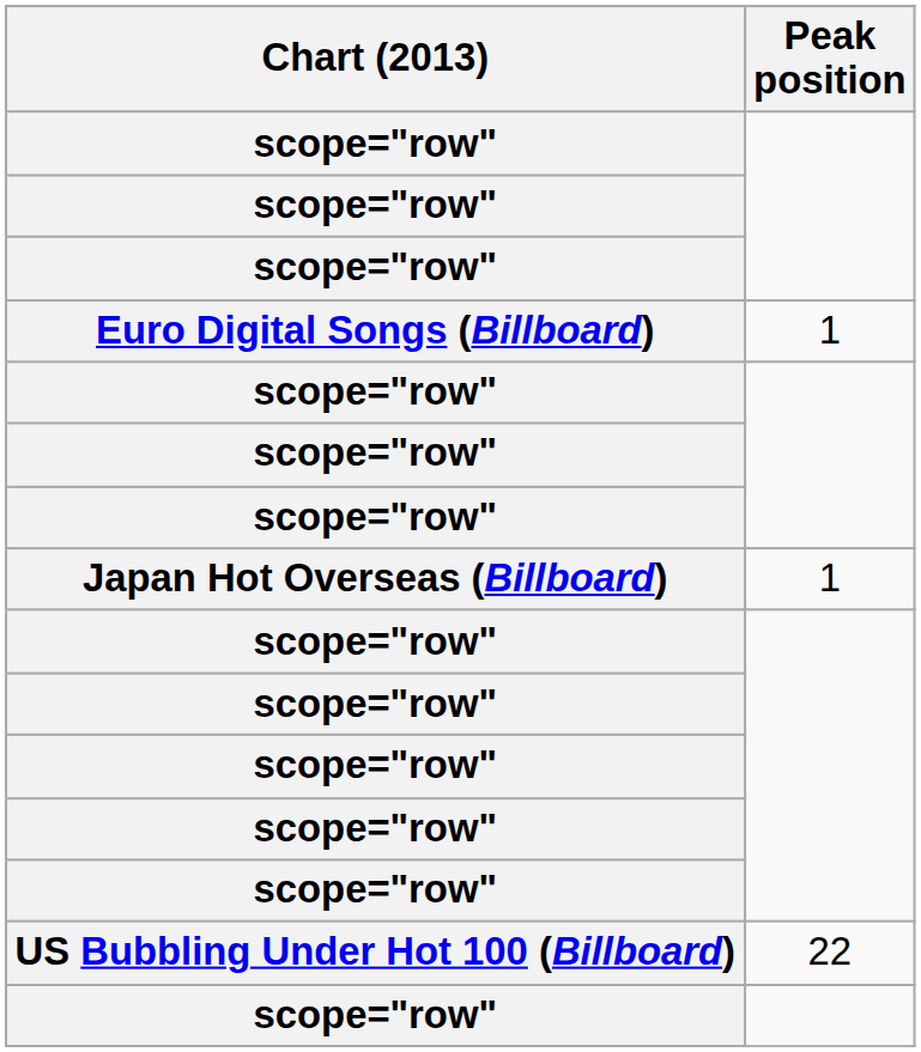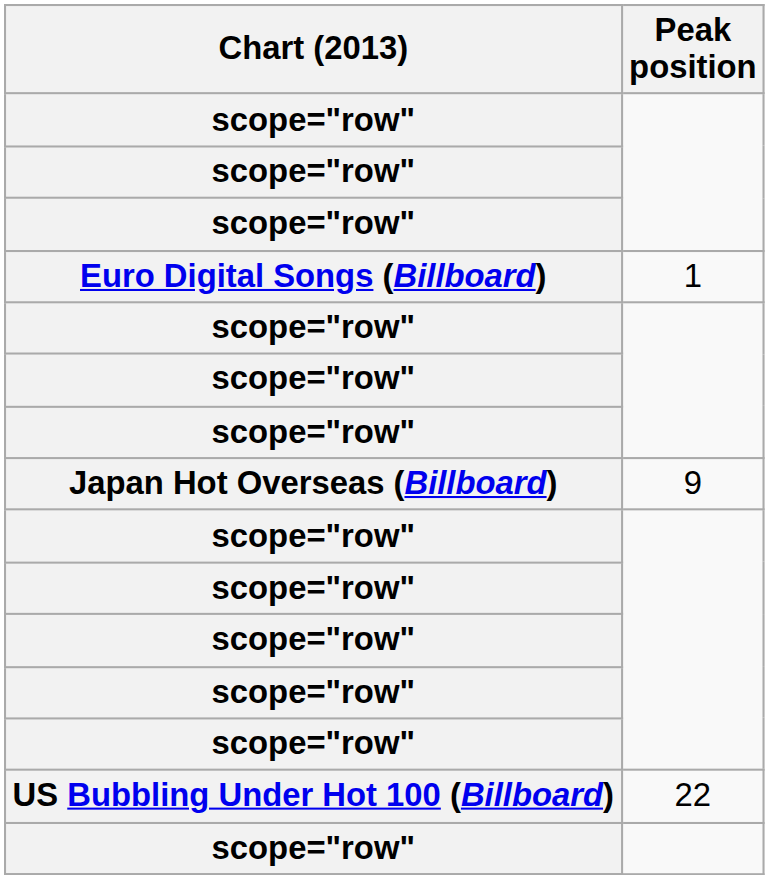 <table class="wikitable sortable plainrowheaders">
 <tr>
 <th scope="col">Chart (2013)</th>
 <th scope="col">Peak<br>position</th>
 </tr>
 <tr>
 <th>scope="row" </th>
 </tr>
 <tr>
 <th>scope="row" </th>
 </tr>
 <tr>
 <th>scope="row" </th>
 </tr>
 <tr>
 <th scope="row"><a href='#'>Euro Digital Songs</a> (<em><a href='#'>Billboard</a></em>)</th>
 <td style="text-align:center;">1</td>
 </tr>
 <tr>
 <th>scope="row" </th>
 </tr>
 <tr>
 <th>scope="row" </th>
 </tr>
 <tr>
 <th>scope="row" </th>
 </tr>
 <tr>
 <th scope="row">Japan Hot Overseas (<em><a href='#'>Billboard</a></em>)</th>
-<td style="text-align:center;">1</td>
+<td style="text-align:center;">9</td>
 </tr>
 <tr>
 <th>scope="row" </th>
 </tr>
 <tr>
 <th>scope="row" </th>
 </tr>
 <tr>
 <th>scope="row" </th>
 </tr>
 <tr>
 <th>scope="row" </th>
 </tr>
 <tr>
 <th>scope="row" </th>
 </tr>
 <tr>
 <th scope="row">US <a href='#'>Bubbling Under Hot 100</a> (<em><a href='#'>Billboard</a></em>)</th>
 <td style="text-align:center;">22</td>
 </tr>
 <tr>
 <th>scope="row" </th>
 </tr>
 <tr>
 </tr>
 </table>
